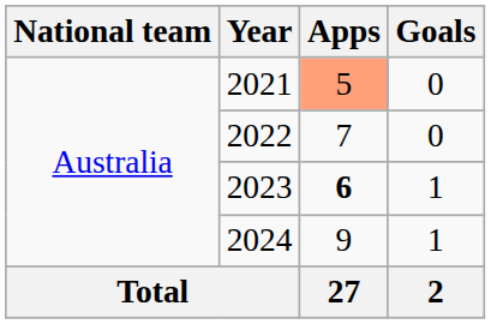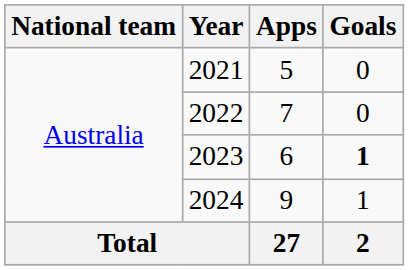 <table class="wikitable" style="text-align:center">
 <tr>
 <th>National team</th>
 <th>Year</th>
 <th>Apps</th>
 <th>Goals</th>
 </tr>
 <tr>
 <td rowspan="4"><a href='#'>Australia</a></td>
 <td>2021</td>
-<td style="background: lightsalmon;">5</td>
+<td>5</td>
 <td>0</td>
 </tr>
 <tr>
 <td>2022</td>
 <td>7</td>
 <td>0</td>
 </tr>
 <tr>
 <td>2023</td>
-<td><strong>6</strong></td>
-<td>1</td>
+<td>6</td>
+<td><strong>1</strong></td>
 </tr>
 <tr>
 <td>2024</td>
 <td>9</td>
 <td>1</td>
 </tr>
 <tr>
 <th colspan="2">Total</th>
 <th>27</th>
 <th>2</th>
 </tr>
 </table>
